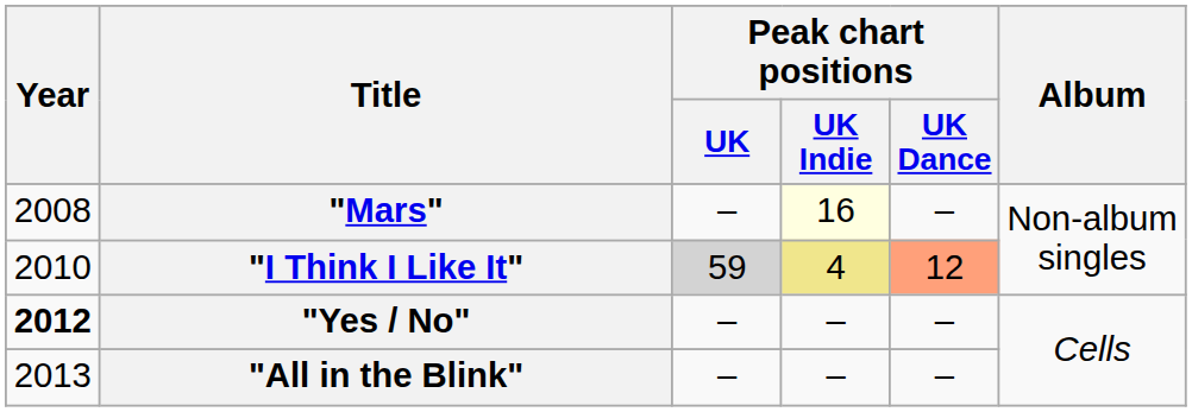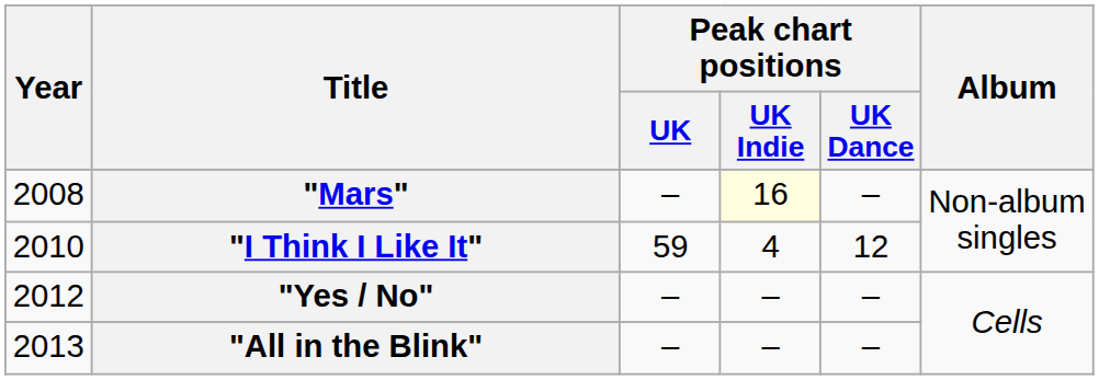 <table class="wikitable plainrowheaders" style="text-align:center;">
 <tr>
 <th scope="col" rowspan="2">Year</th>
 <th scope="col" rowspan="2" style="width:16em;">Title</th>
 <th scope="col" colspan="3">Peak chart positions</th>
 <th scope="col" rowspan="2">Album</th>
 </tr>
 <tr>
 <th style="width:3em;font-size:90%"><a href='#'>UK</a></th>
 <th style="width:3em;font-size:90%"><a href='#'>UK Indie</a></th>
 <th style="width:3em;font-size:90%"><a href='#'>UK Dance</a></th>
 </tr>
 <tr>
 <td>2008</td>
 <th scope="row">"<a href='#'>Mars</a>"</th>
 <td>–</td>
 <td style="background: lightyellow;">16</td>
 <td>–</td>
 <td style="text-align:center;" rowspan="2">Non-album<br>singles</td>
 </tr>
 <tr>
 <td>2010</td>
 <th scope="row">"<a href='#'>I Think I Like It</a>"</th>
-<td style="background: lightgrey;">59</td>
-<td style="background: khaki;">4</td>
-<td style="background: lightsalmon;">12</td>
+<td>59</td>
+<td>4</td>
+<td>12</td>
 </tr>
 <tr>
-<td><strong>2012</strong></td>
+<td>2012</td>
 <th scope="row">"Yes / No"</th>
 <td>–</td>
 <td>–</td>
 <td>–</td>
 <td style="text-align:center;" rowspan="2"><em>Cells</em></td>
 </tr>
 <tr>
 <td>2013</td>
 <th scope="row">"All in the Blink"</th>
 <td>–</td>
 <td>–</td>
 <td>–</td>
 </tr>
 </table>
